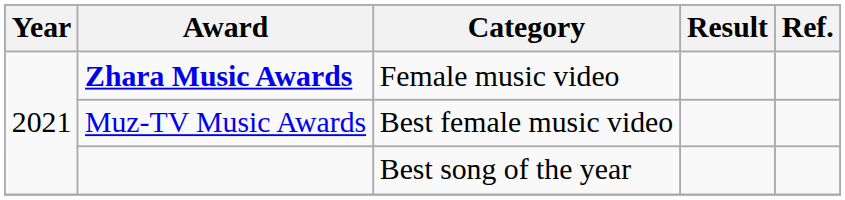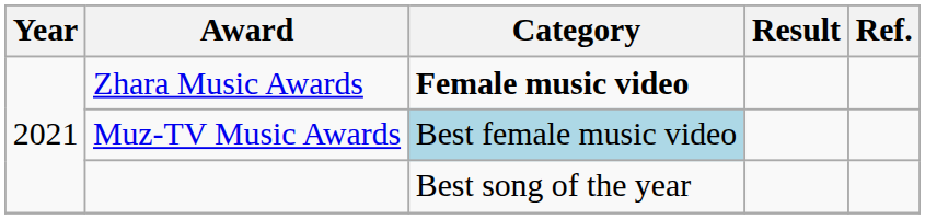 <table class="wikitable">
 <tr>
 <th>Year</th>
 <th>Award</th>
 <th>Category</th>
 <th>Result</th>
 <th>Ref.</th>
 </tr>
 <tr>
 <td rowspan="3">2021</td>
-<td><strong><a href='#'>Zhara Music Awards</a></strong></td>
-<td>Female music video</td>
+<td><a href='#'>Zhara Music Awards</a></td>
+<td><strong>Female music video</strong></td>
 <td></td>
 <td style="text-align:center;"></td>
 </tr>
 <tr>
 <td><a href='#'>Muz-TV Music Awards</a></td>
-<td>Best female music video</td>
+<td style="background: lightblue;">Best female music video</td>
 <td></td>
 <td style="text-align:center;"></td>
 </tr>
 <tr>
 <td></td>
 <td>Best song of the year</td>
 <td></td>
 <td align="center"><br></td>
 </tr>
 <tr>
 </tr>
 </table>
